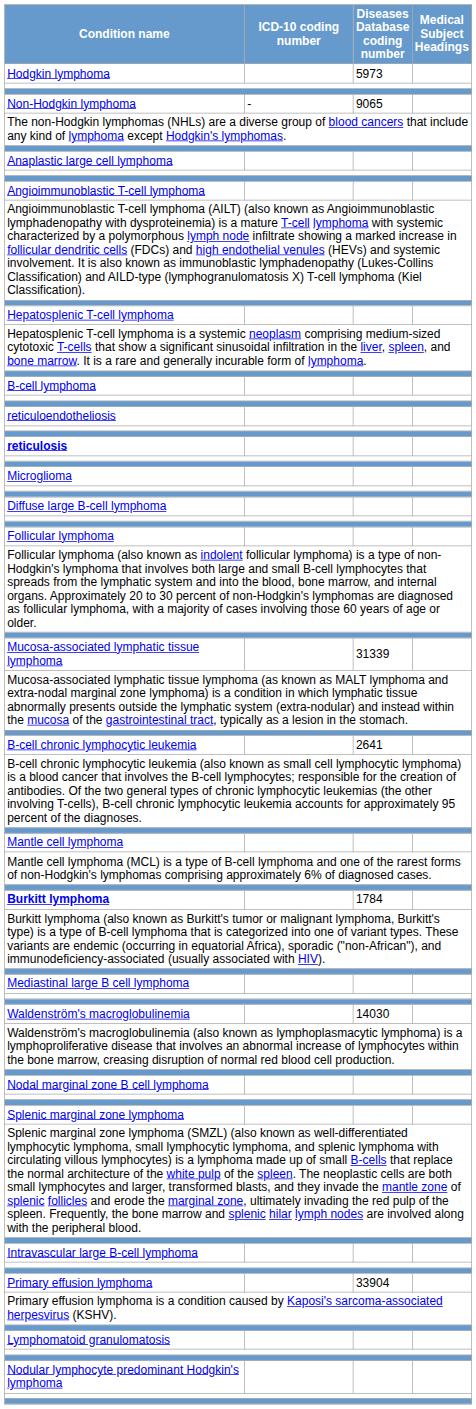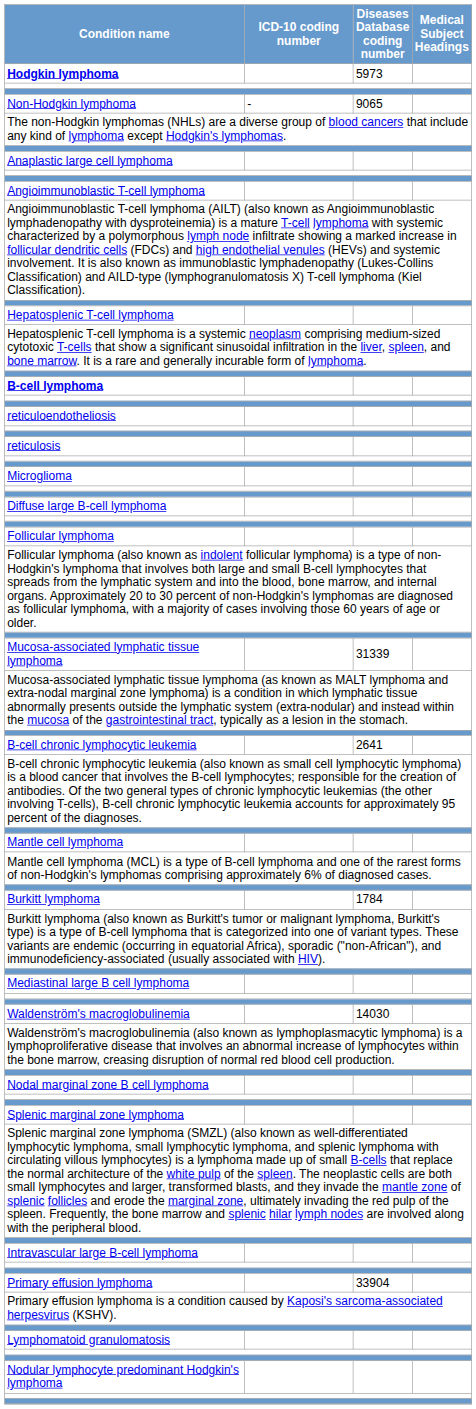 <table class="wikitable" style="width:100%; margin-right:auto; background: #FFFFFF;">
 <tr style="color:white">
 <th style="background-color:#6699CC; width:55%">Condition name</th>
 <th style="background-color:#6699CC; width:25%">ICD-10 coding number</th>
 <th style="background-color:#6699CC; width:10%">Diseases Database coding number</th>
 <th style="background-color:#6699CC; width:10%">Medical Subject Headings</th>
 </tr>
 <tr>
-<td><a href='#'>Hodgkin lymphoma</a></td>
+<td><strong><a href='#'>Hodgkin lymphoma</a></strong></td>
 <td></td>
 <td>5973</td>
 <td></td>
 </tr>
 <tr>
 <td colspan="6"></td>
 </tr>
 <tr>
 <td colspan="6" bgcolor="#6699CC"></td>
 </tr>
 <tr>
 <td><a href='#'>Non-Hodgkin lymphoma</a></td>
 <td>-</td>
 <td>9065</td>
 <td></td>
 </tr>
 <tr>
 <td colspan="6">The non-Hodgkin lymphomas (NHLs) are a diverse group of <a href='#'>blood cancers</a> that include any kind of <a href='#'>lymphoma</a> except <a href='#'>Hodgkin's lymphomas</a>.</td>
 </tr>
 <tr>
 <td colspan="6" bgcolor="#6699CC"></td>
 </tr>
 <tr>
 <td><a href='#'>Anaplastic large cell lymphoma</a></td>
 <td></td>
 <td></td>
 <td></td>
 </tr>
 <tr>
 <td colspan="6"></td>
 </tr>
 <tr>
 <td colspan="6" bgcolor="#6699CC"></td>
 </tr>
 <tr>
 <td><a href='#'>Angioimmunoblastic T-cell lymphoma</a></td>
 <td></td>
 <td></td>
 <td></td>
 </tr>
 <tr>
 <td colspan="6">Angioimmunoblastic T-cell lymphoma (AILT) (also known as Angioimmunoblastic lymphadenopathy with dysproteinemia) is a mature <a href='#'>T-cell</a> <a href='#'>lymphoma</a> with systemic characterized by a polymorphous <a href='#'>lymph node</a> infiltrate showing a marked increase in <a href='#'>follicular dendritic cells</a> (FDCs) and <a href='#'>high endothelial venules</a> (HEVs) and systemic involvement. It is also known as immunoblastic lymphadenopathy (Lukes-Collins Classification) and AILD-type (lymphogranulomatosis X) T-cell lymphoma (Kiel Classification).</td>
 </tr>
 <tr>
 <td colspan="6" bgcolor="#6699CC"></td>
 </tr>
 <tr>
 <td><a href='#'>Hepatosplenic T-cell lymphoma</a></td>
 <td></td>
 <td></td>
 <td></td>
 </tr>
 <tr>
 <td colspan="6">Hepatosplenic T-cell lymphoma is a systemic <a href='#'>neoplasm</a> comprising medium-sized cytotoxic <a href='#'>T-cells</a> that show a significant sinusoidal infiltration in the <a href='#'>liver</a>, <a href='#'>spleen</a>, and <a href='#'>bone marrow</a>. It is a rare and generally incurable form of <a href='#'>lymphoma</a>.</td>
 </tr>
 <tr>
 <td colspan="6" bgcolor="#6699CC"></td>
 </tr>
 <tr>
-<td><a href='#'>B-cell lymphoma</a></td>
+<td><strong><a href='#'>B-cell lymphoma</a></strong></td>
 <td></td>
 <td></td>
 <td></td>
 </tr>
 <tr>
 <td colspan="6"></td>
 </tr>
 <tr>
 <td colspan="6" bgcolor="#6699CC"></td>
 </tr>
 <tr>
 <td><a href='#'>reticuloendotheliosis</a></td>
 <td></td>
 <td></td>
 <td></td>
 </tr>
 <tr>
 <td colspan="6"></td>
 </tr>
 <tr>
 <td colspan="6" bgcolor="#6699CC"></td>
 </tr>
 <tr>
-<td><strong><a href='#'>reticulosis</a></strong></td>
+<td><a href='#'>reticulosis</a></td>
 <td></td>
 <td></td>
 <td></td>
 </tr>
 <tr>
 <td colspan="6"></td>
 </tr>
 <tr>
 <td colspan="6" bgcolor="#6699CC"></td>
 </tr>
 <tr>
 <td><a href='#'>Microglioma</a></td>
 <td></td>
 <td></td>
 <td></td>
 </tr>
 <tr>
 <td colspan="6"></td>
 </tr>
 <tr>
 <td colspan="6" bgcolor="#6699CC"></td>
 </tr>
 <tr>
 <td><a href='#'>Diffuse large B-cell lymphoma</a></td>
 <td></td>
 <td></td>
 <td></td>
 </tr>
 <tr>
 <td colspan="6"></td>
 </tr>
 <tr>
 <td colspan="6" bgcolor="#6699CC"></td>
 </tr>
 <tr>
 <td><a href='#'>Follicular lymphoma</a></td>
 <td></td>
 <td></td>
 <td></td>
 </tr>
 <tr>
 <td colspan="6">Follicular lymphoma (also known as <a href='#'>indolent</a> follicular lymphoma) is a type of non-Hodgkin's lymphoma that involves both large and small B-cell lymphocytes that spreads from the lymphatic system and into the blood, bone marrow, and internal organs. Approximately 20 to 30 percent of non-Hodgkin's lymphomas are diagnosed as follicular lymphoma, with a majority of cases involving those 60 years of age or older.</td>
 </tr>
 <tr>
 <td colspan="6" bgcolor="#6699CC"></td>
 </tr>
 <tr>
 <td><a href='#'>Mucosa-associated lymphatic tissue lymphoma</a></td>
 <td></td>
 <td>31339</td>
 <td></td>
 </tr>
 <tr>
 <td colspan="6">Mucosa-associated lymphatic tissue lymphoma (as known as MALT lymphoma and extra-nodal marginal zone lymphoma) is a condition in which lymphatic tissue abnormally presents outside the lymphatic system (extra-nodular) and instead within the <a href='#'>mucosa</a> of the <a href='#'>gastrointestinal tract</a>, typically as a lesion in the stomach.</td>
 </tr>
 <tr>
 <td colspan="6" bgcolor="#6699CC"></td>
 </tr>
 <tr>
 <td><a href='#'>B-cell chronic lymphocytic leukemia</a></td>
 <td></td>
 <td>2641</td>
 <td></td>
 </tr>
 <tr>
 <td colspan="6">B-cell chronic lymphocytic leukemia (also known as small cell lymphocytic lymphoma) is a blood cancer that involves the B-cell lymphocytes; responsible for the creation of antibodies. Of the two general types of chronic lymphocytic leukemias (the other involving T-cells), B-cell chronic lymphocytic leukemia accounts for approximately 95 percent of the diagnoses.</td>
 </tr>
 <tr>
 <td colspan="6" bgcolor="#6699CC"></td>
 </tr>
 <tr>
 <td><a href='#'>Mantle cell lymphoma</a></td>
 <td></td>
 <td></td>
 <td></td>
 </tr>
 <tr>
 <td colspan="6">Mantle cell lymphoma (MCL) is a type of B-cell lymphoma and one of the rarest forms of non-Hodgkin's lymphomas comprising approximately 6% of diagnosed cases.</td>
 </tr>
 <tr>
 <td colspan="6" bgcolor="#6699CC"></td>
 </tr>
 <tr>
-<td><strong><a href='#'>Burkitt lymphoma</a></strong></td>
+<td><a href='#'>Burkitt lymphoma</a></td>
 <td></td>
 <td>1784</td>
 <td></td>
 </tr>
 <tr>
 <td colspan="6">Burkitt lymphoma (also known as Burkitt's tumor or malignant lymphoma, Burkitt's type) is a type of B-cell lymphoma that is categorized into one of variant types. These variants are endemic (occurring in equatorial Africa), sporadic ("non-African"), and immunodeficiency-associated (usually associated with <a href='#'>HIV</a>).</td>
 </tr>
 <tr>
 <td colspan="6" bgcolor="#6699CC"></td>
 </tr>
 <tr>
 <td><a href='#'>Mediastinal large B cell lymphoma</a></td>
 <td></td>
 <td></td>
 <td></td>
 </tr>
 <tr>
 <td colspan="6"></td>
 </tr>
 <tr>
 <td colspan="6" bgcolor="#6699CC"></td>
 </tr>
 <tr>
 <td><a href='#'>Waldenström's macroglobulinemia</a></td>
 <td></td>
 <td>14030</td>
 <td></td>
 </tr>
 <tr>
 <td colspan="6">Waldenström's macroglobulinemia (also known as lymphoplasmacytic lymphoma) is a lymphoproliferative disease that involves an abnormal increase of lymphocytes within the bone marrow, creasing disruption of normal red blood cell production.</td>
 </tr>
 <tr>
 <td colspan="6" bgcolor="#6699CC"></td>
 </tr>
 <tr>
 <td><a href='#'>Nodal marginal zone B cell lymphoma</a></td>
 <td></td>
 <td></td>
 <td></td>
 </tr>
 <tr>
 <td colspan="6"></td>
 </tr>
 <tr>
 <td colspan="6" bgcolor="#6699CC"></td>
 </tr>
 <tr>
 <td><a href='#'>Splenic marginal zone lymphoma</a></td>
 <td></td>
 <td></td>
 <td></td>
 </tr>
 <tr>
 <td colspan="6">Splenic marginal zone lymphoma (SMZL) (also known as well-differentiated lymphocytic lymphoma, small lymphocytic lymphoma, and splenic lymphoma with circulating villous lymphocytes) is a lymphoma made up of small <a href='#'>B-cells</a> that replace the normal architecture of the <a href='#'>white pulp</a> of the <a href='#'>spleen</a>. The neoplastic cells are both small lymphocytes and larger, transformed blasts, and they invade the <a href='#'>mantle zone</a> of <a href='#'>splenic</a> <a href='#'>follicles</a> and erode the <a href='#'>marginal zone</a>, ultimately invading the red pulp of the spleen. Frequently, the bone marrow and <a href='#'>splenic</a> <a href='#'>hilar</a> <a href='#'>lymph nodes</a> are involved along with the peripheral blood.</td>
 </tr>
 <tr>
 <td colspan="6" bgcolor="#6699CC"></td>
 </tr>
 <tr>
 <td><a href='#'>Intravascular large B-cell lymphoma</a></td>
 <td></td>
 <td></td>
 <td></td>
 </tr>
 <tr>
 <td colspan="6"></td>
 </tr>
 <tr>
 <td colspan="6" bgcolor="#6699CC"></td>
 </tr>
 <tr>
 <td><a href='#'>Primary effusion lymphoma</a></td>
 <td></td>
 <td>33904</td>
 <td></td>
 </tr>
 <tr>
 <td colspan="6">Primary effusion lymphoma is a condition caused by <a href='#'>Kaposi's sarcoma-associated herpesvirus</a> (KSHV).</td>
 </tr>
 <tr>
 <td colspan="6" bgcolor="#6699CC"></td>
 </tr>
 <tr>
 <td><a href='#'>Lymphomatoid granulomatosis</a></td>
 <td></td>
 <td></td>
 <td></td>
 </tr>
 <tr>
 <td colspan="6"></td>
 </tr>
 <tr>
 <td colspan="6" bgcolor="#6699CC"></td>
 </tr>
 <tr>
 <td><a href='#'>Nodular lymphocyte predominant Hodgkin's lymphoma</a></td>
 <td></td>
 <td></td>
 <td></td>
 </tr>
 <tr>
 <td colspan="6"></td>
 </tr>
 <tr>
 <td colspan="6" bgcolor="#6699CC"></td>
 </tr>
 <tr>
 </tr>
 </table>
